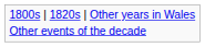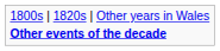 <table class="infobox" id="toc">
 <tr>
 <td align="left"><a href='#'>1800s</a> | <a href='#'>1820s</a> | <a href='#'>Other years in Wales</a></td>
 </tr>
 <tr>
-<td><a href='#'>Other events of the decade</a></td>
+<td><strong><a href='#'>Other events of the decade</a></strong></td>
 </tr>
 </table>
